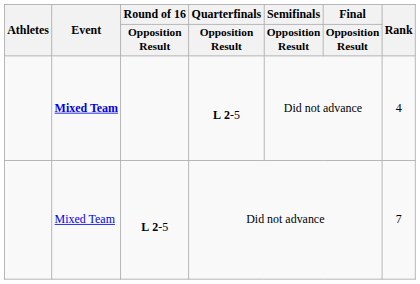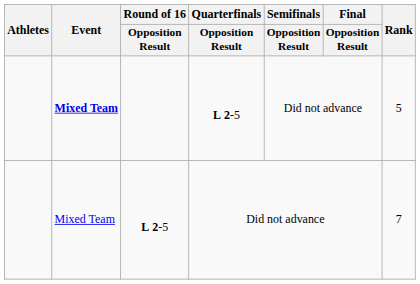 <table class="wikitable" style="font-size:90%">
 <tr>
 <th rowspan="2">Athletes</th>
 <th rowspan="2">Event</th>
 <th>Round of 16</th>
 <th>Quarterfinals</th>
 <th>Semifinals</th>
 <th>Final</th>
 <th rowspan=2>Rank</th>
 </tr>
 <tr style="font-size:95%">
 <th>Opposition<br>Result</th>
 <th>Opposition<br>Result</th>
 <th>Opposition<br>Result</th>
 <th>Opposition<br>Result</th>
 </tr>
 <tr align=center>
 <td align=left><strong></strong><br><br><br><br><br><br><br></td>
 <td align=left><strong><a href='#'>Mixed Team</a></strong></td>
 <td></td>
 <td> <br> <strong>L</strong> <strong>2</strong>-5</td>
 <td colspan=2>Did not advance</td>
-<td>4</td>
+<td>5</td>
 </tr>
 <tr align=center>
 <td align=left><strong></strong><br><br><br><br><br><br><br><br></td>
 <td align=left><a href='#'>Mixed Team</a></td>
 <td> <br> <strong>L</strong> <strong>2</strong>-5</td>
 <td colspan=3>Did not advance</td>
 <td>7</td>
 </tr>
 </table>
